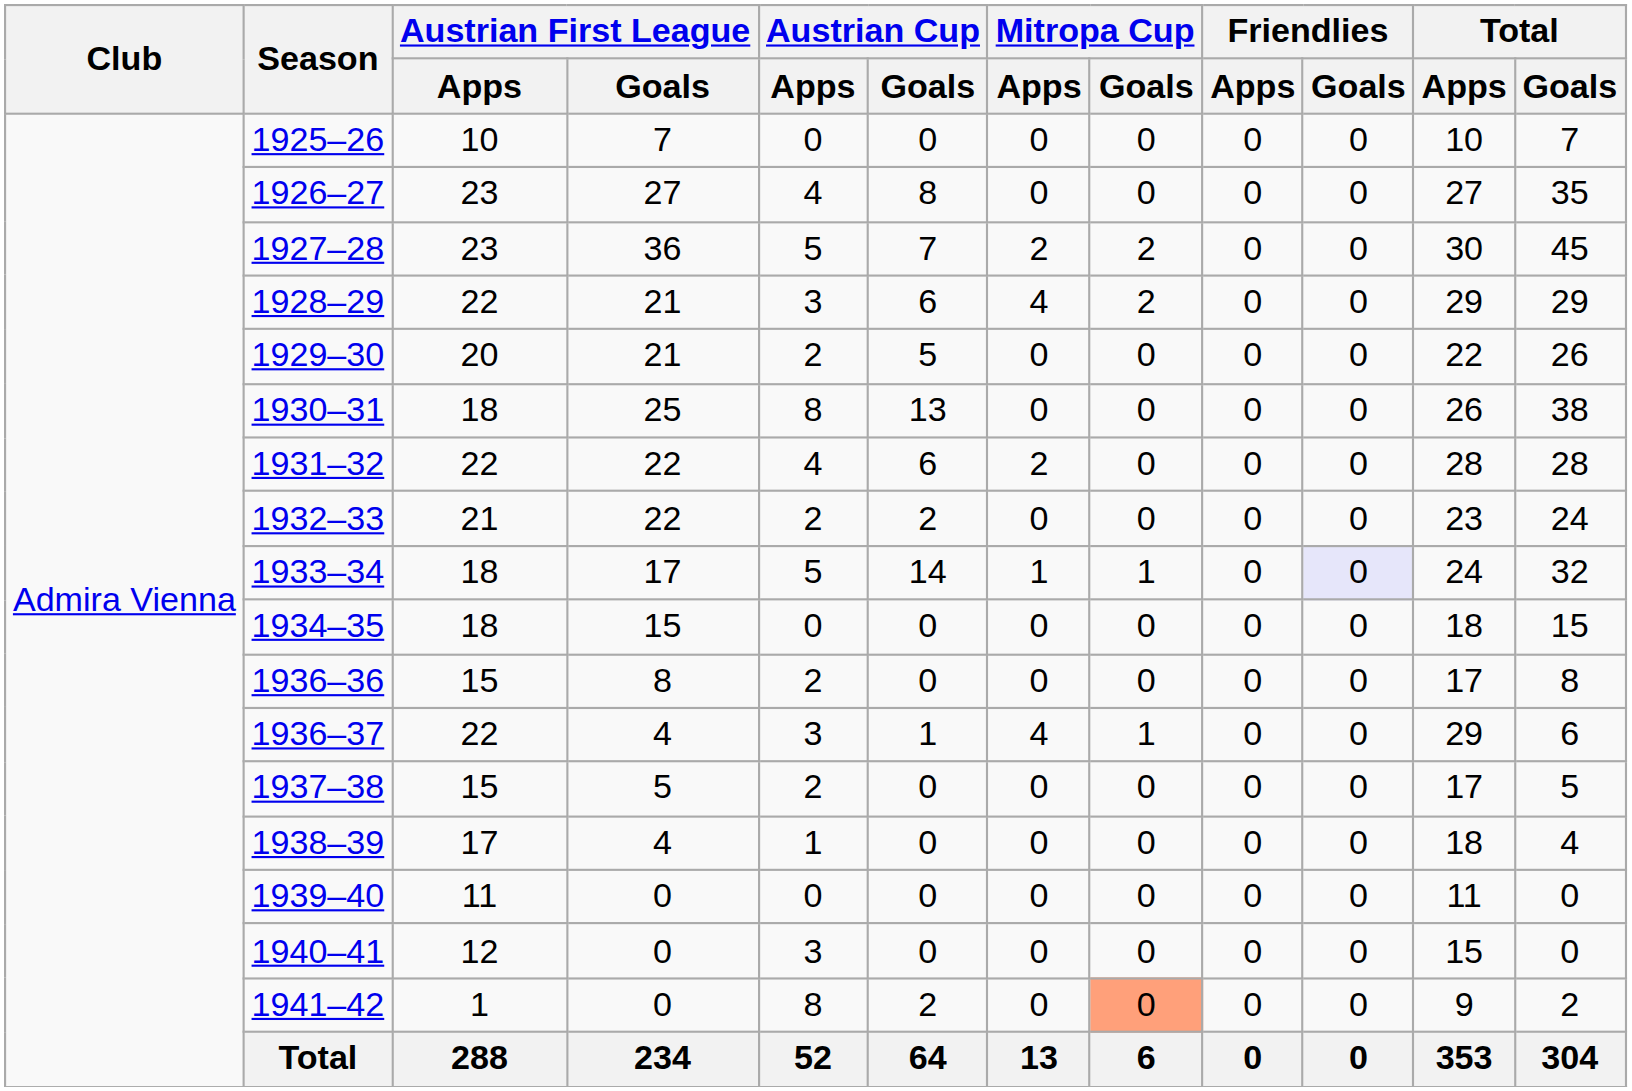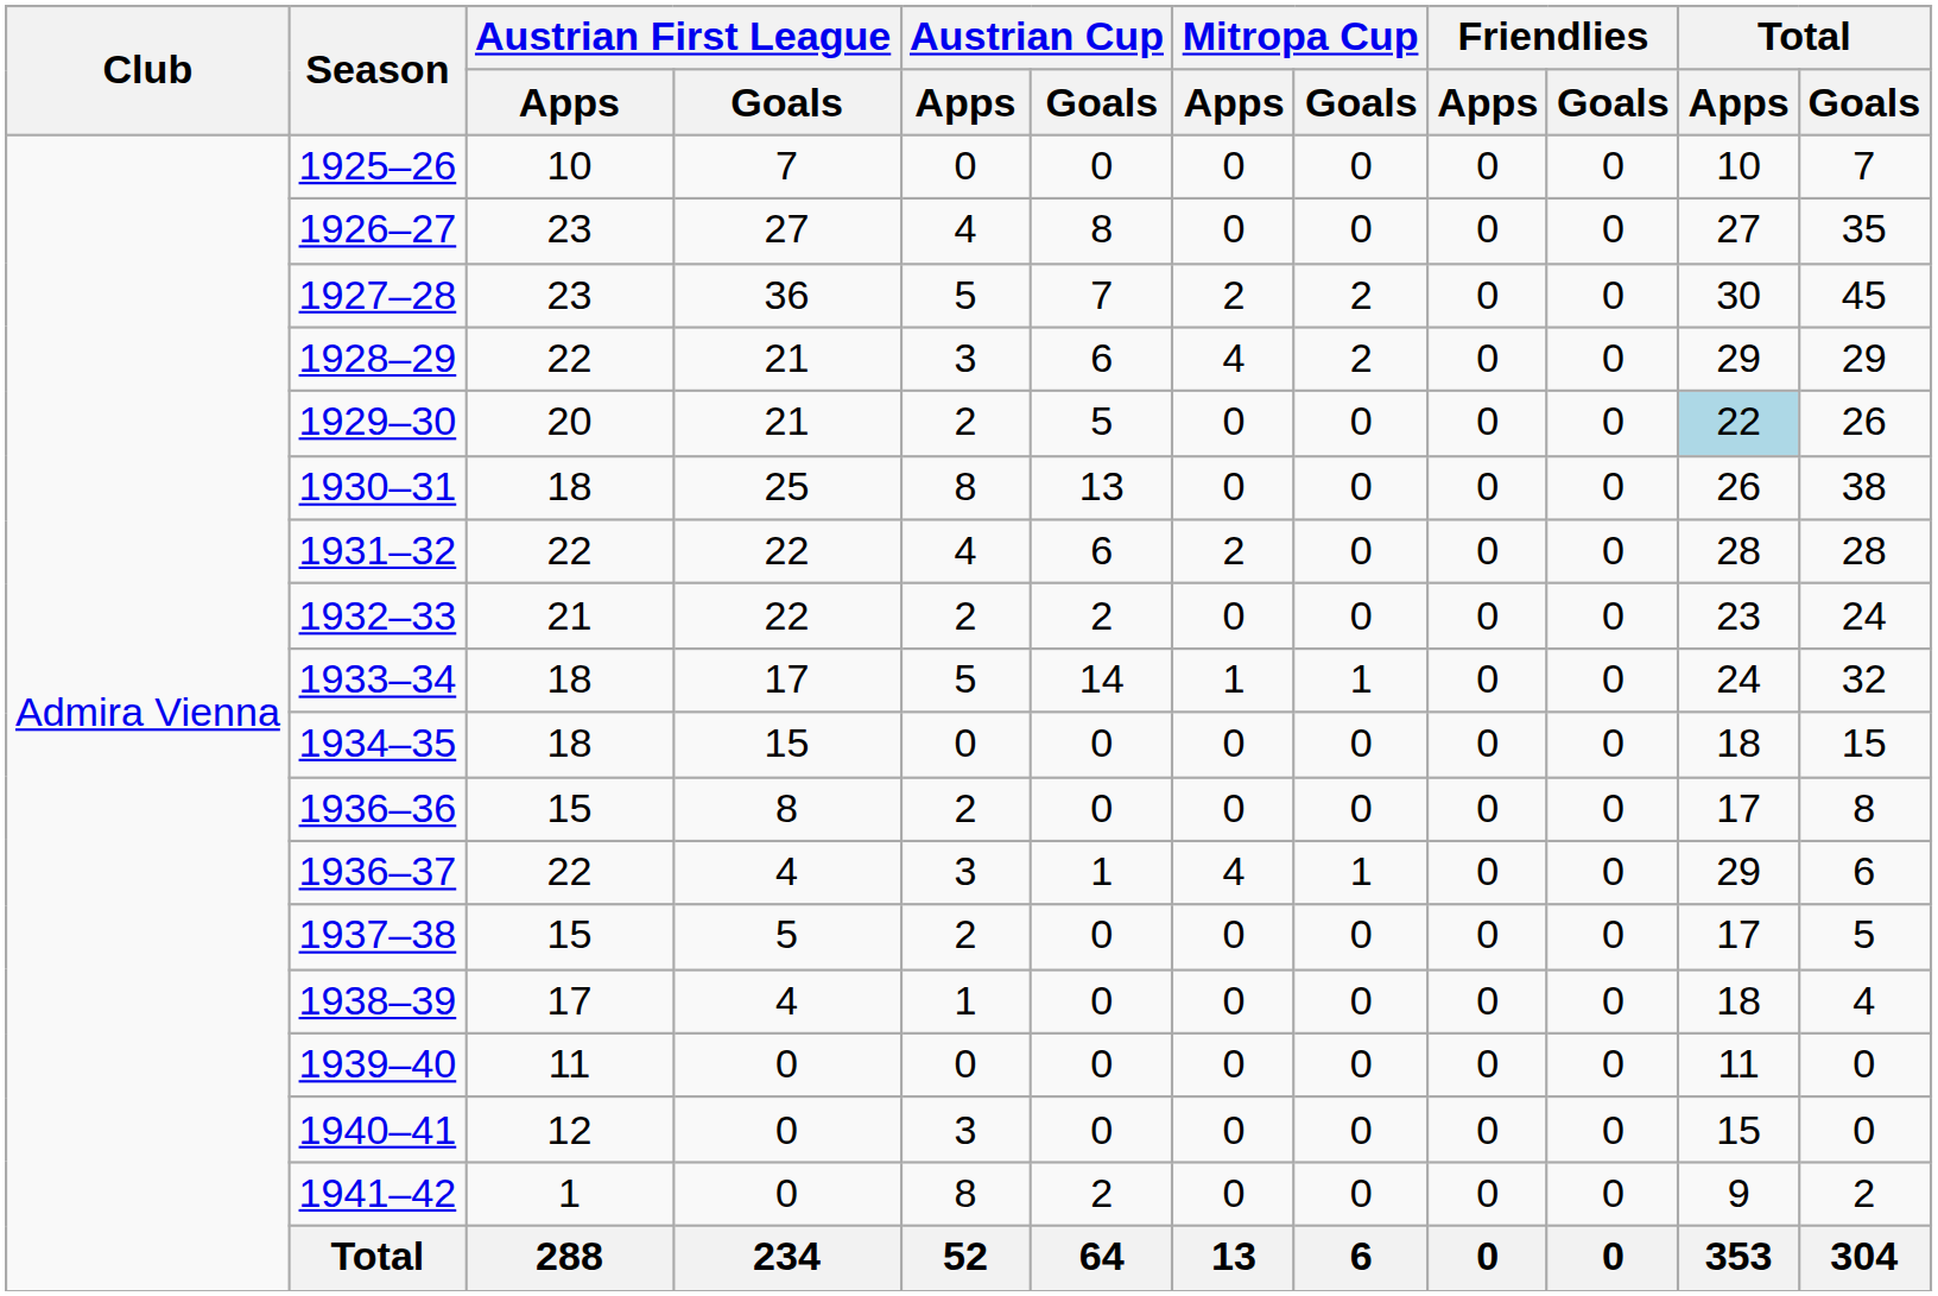 <table class="wikitable" style="font-size:100%; text-align: center;">
 <tr>
 <th rowspan=2>Club</th>
 <th rowspan=2>Season</th>
 <th colspan=2><a href='#'>Austrian First League</a></th>
 <th colspan=2><a href='#'>Austrian Cup</a></th>
 <th colspan=2><a href='#'>Mitropa Cup</a></th>
 <th colspan=2>Friendlies</th>
 <th colspan=2>Total</th>
 </tr>
 <tr>
 <th>Apps</th>
 <th>Goals</th>
 <th>Apps</th>
 <th>Goals</th>
 <th>Apps</th>
 <th>Goals</th>
 <th>Apps</th>
 <th>Goals</th>
 <th>Apps</th>
 <th>Goals</th>
 </tr>
 <tr>
 <td rowspan=20><a href='#'>Admira Vienna</a></td>
 <td><a href='#'>1925–26</a></td>
 <td>10</td>
 <td>7</td>
 <td>0</td>
 <td>0</td>
 <td>0</td>
 <td>0</td>
 <td>0</td>
 <td>0</td>
 <td>10</td>
 <td>7</td>
 </tr>
 <tr>
 <td><a href='#'>1926–27</a></td>
 <td>23</td>
 <td>27</td>
 <td>4</td>
 <td>8</td>
 <td>0</td>
 <td>0</td>
 <td>0</td>
 <td>0</td>
 <td>27</td>
 <td>35</td>
 </tr>
 <tr>
 <td><a href='#'>1927–28</a></td>
 <td>23</td>
 <td>36</td>
 <td>5</td>
 <td>7</td>
 <td>2</td>
 <td>2</td>
 <td>0</td>
 <td>0</td>
 <td>30</td>
 <td>45</td>
 </tr>
 <tr>
 <td><a href='#'>1928–29</a></td>
 <td>22</td>
 <td>21</td>
 <td>3</td>
 <td>6</td>
 <td>4</td>
 <td>2</td>
 <td>0</td>
 <td>0</td>
 <td>29</td>
 <td>29</td>
 </tr>
 <tr>
 <td><a href='#'>1929–30</a></td>
 <td>20</td>
 <td>21</td>
 <td>2</td>
 <td>5</td>
 <td>0</td>
 <td>0</td>
 <td>0</td>
 <td>0</td>
-<td>22</td>
+<td style="background: lightblue;">22</td>
 <td>26</td>
 </tr>
 <tr>
 <td><a href='#'>1930–31</a></td>
 <td>18</td>
 <td>25</td>
 <td>8</td>
 <td>13</td>
 <td>0</td>
 <td>0</td>
 <td>0</td>
 <td>0</td>
 <td>26</td>
 <td>38</td>
 </tr>
 <tr>
 <td><a href='#'>1931–32</a></td>
 <td>22</td>
 <td>22</td>
 <td>4</td>
 <td>6</td>
 <td>2</td>
 <td>0</td>
 <td>0</td>
 <td>0</td>
 <td>28</td>
 <td>28</td>
 </tr>
 <tr>
 <td><a href='#'>1932–33</a></td>
 <td>21</td>
 <td>22</td>
 <td>2</td>
 <td>2</td>
 <td>0</td>
 <td>0</td>
 <td>0</td>
 <td>0</td>
 <td>23</td>
 <td>24</td>
 </tr>
 <tr>
 <td><a href='#'>1933–34</a></td>
 <td>18</td>
 <td>17</td>
 <td>5</td>
 <td>14</td>
 <td>1</td>
 <td>1</td>
 <td>0</td>
-<td style="background: lavender;">0</td>
+<td>0</td>
 <td>24</td>
 <td>32</td>
 </tr>
 <tr>
 <td><a href='#'>1934–35</a></td>
 <td>18</td>
 <td>15</td>
 <td>0</td>
 <td>0</td>
 <td>0</td>
 <td>0</td>
 <td>0</td>
 <td>0</td>
 <td>18</td>
 <td>15</td>
 </tr>
 <tr>
 <td><a href='#'>1936–36</a></td>
 <td>15</td>
 <td>8</td>
 <td>2</td>
 <td>0</td>
 <td>0</td>
 <td>0</td>
 <td>0</td>
 <td>0</td>
 <td>17</td>
 <td>8</td>
 </tr>
 <tr>
 <td><a href='#'>1936–37</a></td>
 <td>22</td>
 <td>4</td>
 <td>3</td>
 <td>1</td>
 <td>4</td>
 <td>1</td>
 <td>0</td>
 <td>0</td>
 <td>29</td>
 <td>6</td>
 </tr>
 <tr>
 <td><a href='#'>1937–38</a></td>
 <td>15</td>
 <td>5</td>
 <td>2</td>
 <td>0</td>
 <td>0</td>
 <td>0</td>
 <td>0</td>
 <td>0</td>
 <td>17</td>
 <td>5</td>
 </tr>
 <tr>
 <td><a href='#'>1938–39</a></td>
 <td>17</td>
 <td>4</td>
 <td>1</td>
 <td>0</td>
 <td>0</td>
 <td>0</td>
 <td>0</td>
 <td>0</td>
 <td>18</td>
 <td>4</td>
 </tr>
 <tr>
 <td><a href='#'>1939–40</a></td>
 <td>11</td>
 <td>0</td>
 <td>0</td>
 <td>0</td>
 <td>0</td>
 <td>0</td>
 <td>0</td>
 <td>0</td>
 <td>11</td>
 <td>0</td>
 </tr>
 <tr>
 <td><a href='#'>1940–41</a></td>
 <td>12</td>
 <td>0</td>
 <td>3</td>
 <td>0</td>
 <td>0</td>
 <td>0</td>
 <td>0</td>
 <td>0</td>
 <td>15</td>
 <td>0</td>
 </tr>
 <tr>
 <td><a href='#'>1941–42</a></td>
 <td>1</td>
 <td>0</td>
 <td>8</td>
 <td>2</td>
 <td>0</td>
-<td style="background: lightsalmon;">0</td>
+<td>0</td>
 <td>0</td>
 <td>0</td>
 <td>9</td>
 <td>2</td>
 </tr>
 <tr>
 <th>Total</th>
 <th>288</th>
 <th>234</th>
 <th>52</th>
 <th>64</th>
 <th>13</th>
 <th>6</th>
 <th>0</th>
 <th>0</th>
 <th>353</th>
 <th>304</th>
 </tr>
 <tr>
 </tr>
 </table>
